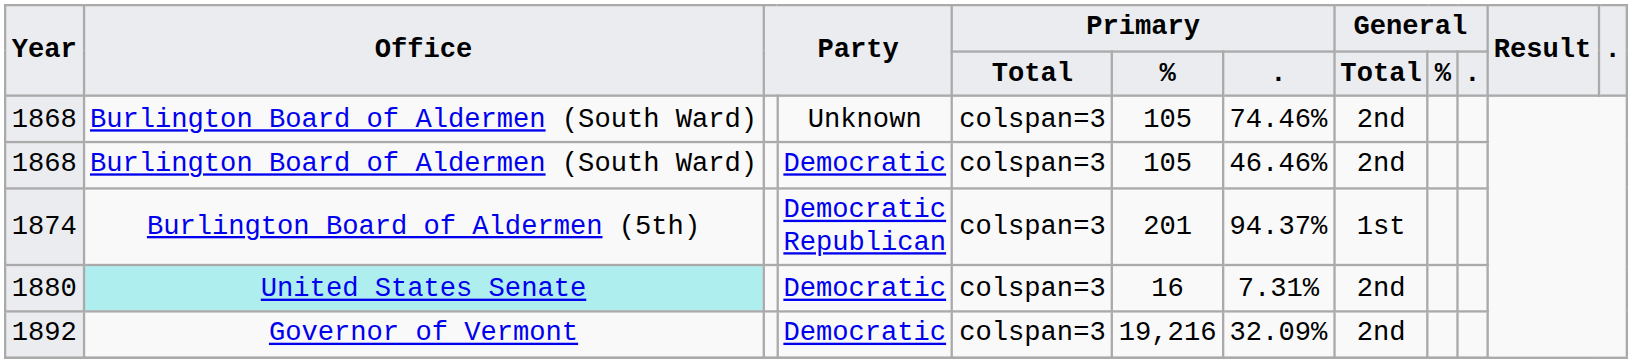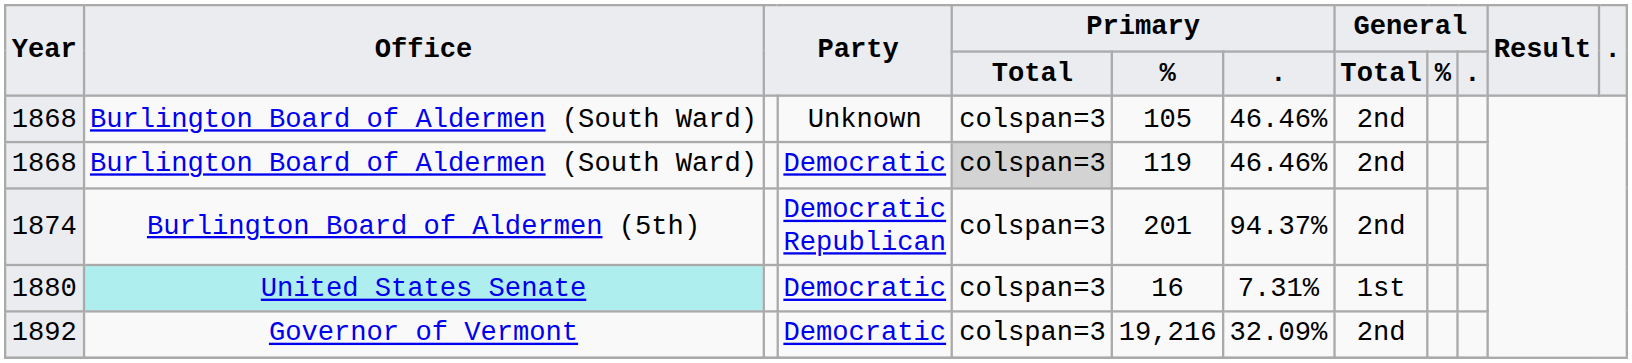 <table class="wikitable" style="font-size:90%; text-align:center;">
 <tr>
 <th style="background-color:#EAECF0;" rowspan=2>Year</th>
 <th style="background-color:#EAECF0;" rowspan=2>Office</th>
 <th style="background-color:#EAECF0;" colspan=2 rowspan=2>Party</th>
 <th style="background-color:#EAECF0;" colspan=3>Primary</th>
 <th style="background-color:#EAECF0;" colspan=3>General</th>
 <th style="background-color:#EAECF0;" rowspan=2>Result</th>
 <th style="background-color:#EAECF0;" rowspan=2>.</th>
 </tr>
 <tr>
 <th style="background-color:#EAECF0;">Total</th>
 <th style="background-color:#EAECF0;">%</th>
 <th style="background-color:#EAECF0;">.</th>
 <th style="background-color:#EAECF0;">Total</th>
 <th style="background-color:#EAECF0;">%</th>
 <th style="background-color:#EAECF0;">.</th>
 </tr>
 <tr>
 <td style="background-color:#EAECF0;">1868</td>
 <td><a href='#'>Burlington Board of Aldermen</a> (South Ward)</td>
 <td style="background-color:"></td>
 <td>Unknown</td>
 <td>colspan=3 </td>
 <td>105</td>
-<td>74.46%</td>
+<td>46.46%</td>
 <td>2nd</td>
 <td></td>
 <td></td>
 </tr>
 <tr>
 <td style="background-color:#EAECF0;">1868</td>
 <td><a href='#'>Burlington Board of Aldermen</a> (South Ward)</td>
 <td style="background-color:"></td>
 <td><a href='#'>Democratic</a></td>
-<td>colspan=3 </td>
-<td>105</td>
+<td style="background: lightgrey;">colspan=3 </td>
+<td>119</td>
 <td>46.46%</td>
 <td>2nd</td>
 <td></td>
 <td></td>
 </tr>
 <tr>
 <td style="background-color:#EAECF0;">1874</td>
 <td><a href='#'>Burlington Board of Aldermen</a> (5th)</td>
 <td style="background-color:"></td>
 <td><a href='#'>Democratic</a> <br> <a href='#'>Republican</a></td>
 <td>colspan=3 </td>
 <td>201</td>
 <td>94.37%</td>
-<td>1st</td>
+<td>2nd</td>
 <td></td>
 <td></td>
 </tr>
 <tr>
 <td style="background-color:#EAECF0;">1880</td>
 <td style="background: paleturquoise;"><a href='#'>United States Senate</a></td>
 <td style="background-color:"></td>
 <td><a href='#'>Democratic</a></td>
 <td>colspan=3 </td>
 <td>16</td>
 <td>7.31%</td>
-<td>2nd</td>
+<td>1st</td>
 <td></td>
 <td></td>
 </tr>
 <tr>
 <td style="background-color:#EAECF0;">1892</td>
 <td><a href='#'>Governor of Vermont</a></td>
 <td style="background-color:"></td>
 <td><a href='#'>Democratic</a></td>
 <td>colspan=3 </td>
 <td>19,216</td>
 <td>32.09%</td>
 <td>2nd</td>
 <td></td>
 <td></td>
 </tr>
 <tr>
 </tr>
 </table>
